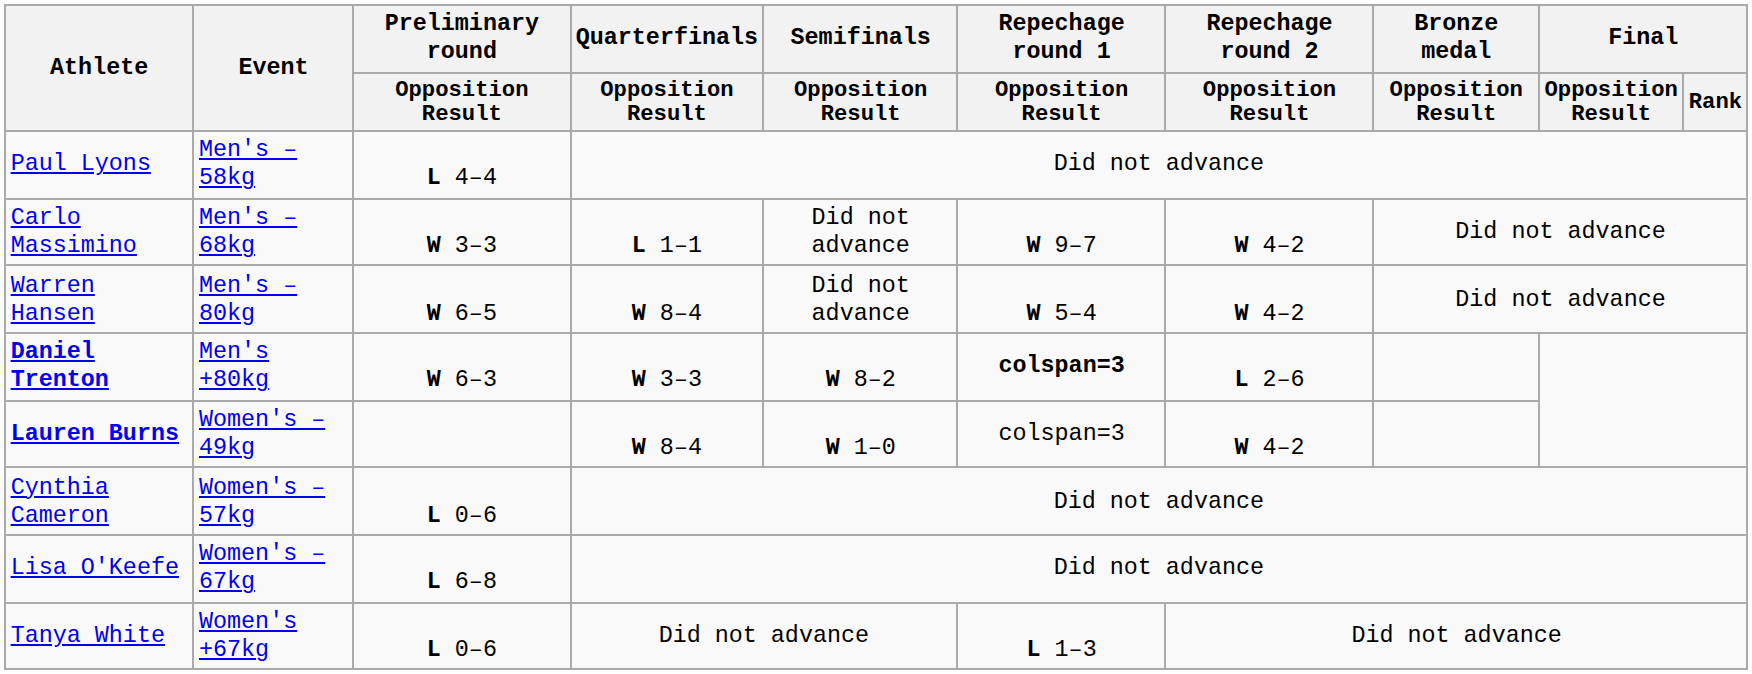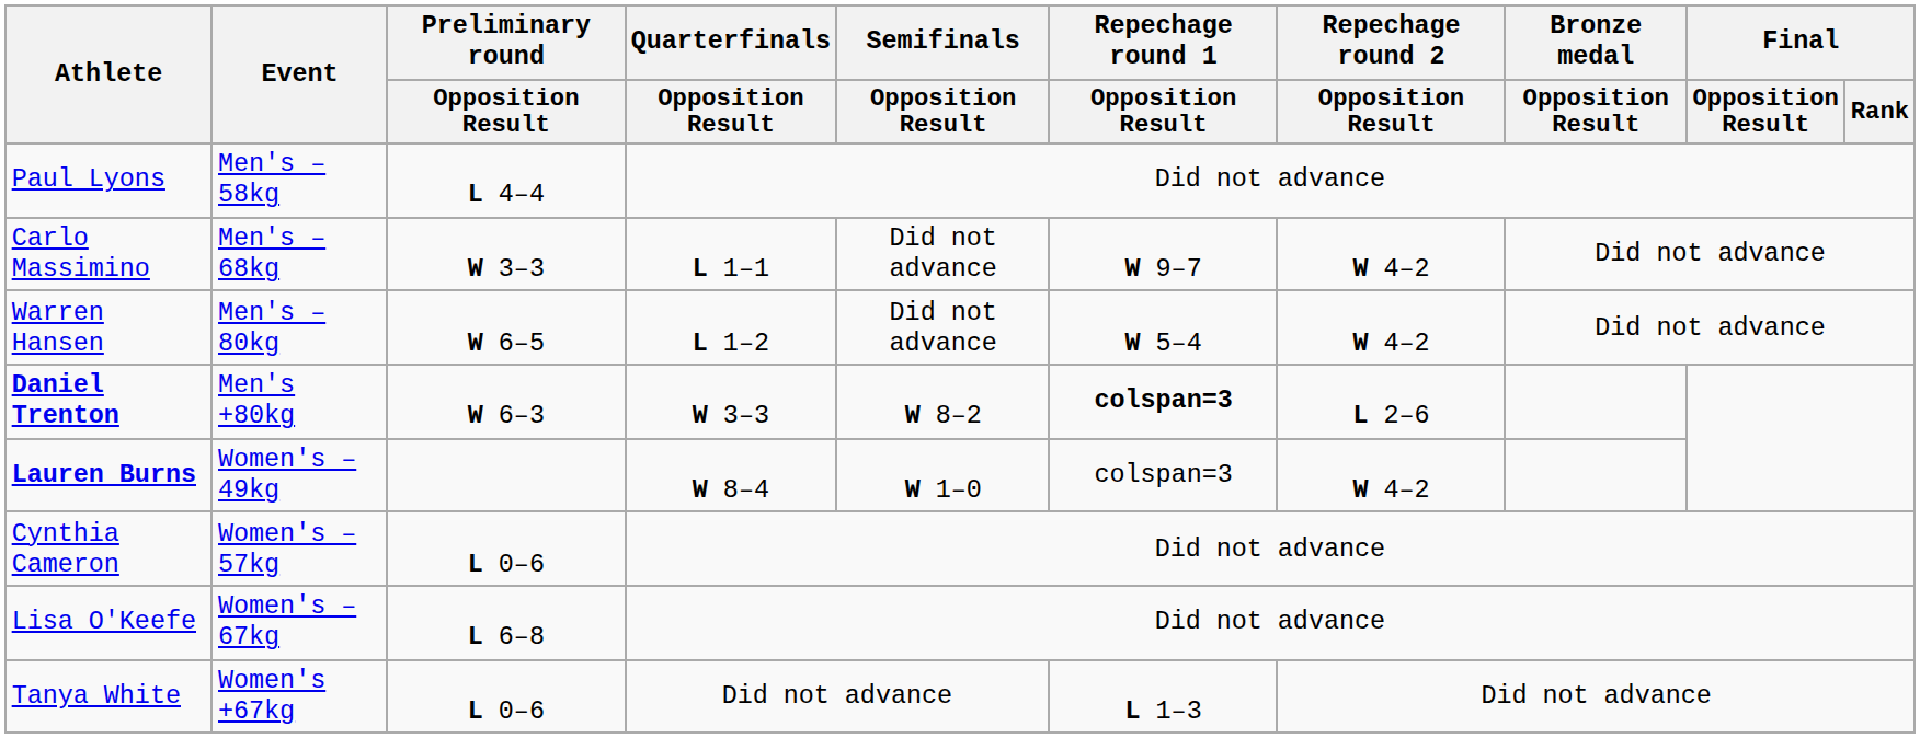 <table class="wikitable" style="font-size:90%">
 <tr>
 <th rowspan=2>Athlete</th>
 <th rowspan=2>Event</th>
 <th>Preliminary round</th>
 <th>Quarterfinals</th>
 <th>Semifinals</th>
 <th>Repechage round 1</th>
 <th>Repechage round 2</th>
 <th>Bronze medal</th>
 <th colspan=2>Final</th>
 </tr>
 <tr style="font-size:95%">
 <th>Opposition<br>Result</th>
 <th>Opposition<br>Result</th>
 <th>Opposition<br>Result</th>
 <th>Opposition<br>Result</th>
 <th>Opposition<br>Result</th>
 <th>Opposition<br>Result</th>
 <th>Opposition<br>Result</th>
 <th>Rank</th>
 </tr>
 <tr align=center>
 <td align=left><a href='#'>Paul Lyons</a></td>
 <td align=left><a href='#'>Men's –58kg</a></td>
 <td><br><strong>L</strong> 4–4 </td>
 <td colspan=7>Did not advance</td>
 </tr>
 <tr align=center>
 <td align=left><a href='#'>Carlo Massimino</a></td>
 <td align=left><a href='#'>Men's –68kg</a></td>
 <td><br><strong>W</strong> 3–3 </td>
 <td><br><strong>L</strong> 1–1 </td>
 <td>Did not advance</td>
 <td><br> <strong>W</strong> 9–7</td>
 <td><br><strong>W</strong> 4–2</td>
 <td colspan=3>Did not advance</td>
 </tr>
 <tr align=center>
 <td align=left><a href='#'>Warren Hansen</a></td>
 <td align=left><a href='#'>Men's –80kg</a></td>
 <td><br><strong>W</strong> 6–5</td>
-<td><br><strong>W</strong> 8–4</td>
+<td><br><strong>L</strong> 1–2</td>
 <td>Did not advance</td>
 <td><br><strong>W</strong> 5–4</td>
 <td><br><strong>W</strong> 4–2</td>
 <td colspan=3>Did not advance</td>
 </tr>
 <tr ALIGN=CENTER>
 <td align=left><strong><a href='#'>Daniel Trenton</a></strong></td>
 <td align=left><a href='#'>Men's +80kg</a></td>
 <td><br><strong>W</strong> 6–3</td>
 <td><br><strong>W</strong> 3–3 </td>
 <td><br><strong>W</strong> 8–2</td>
 <td><strong>colspan=3 </strong></td>
 <td><br><strong>L</strong> 2–6</td>
 <td></td>
 </tr>
 <tr align=center>
 <td align=left><strong><a href='#'>Lauren Burns</a></strong></td>
 <td align=left><a href='#'>Women's –49kg</a></td>
 <td></td>
 <td><br><strong>W</strong> 8–4</td>
 <td><br><strong>W</strong> 1–0</td>
 <td>colspan=3 </td>
 <td><br><strong>W</strong> 4–2</td>
 <td></td>
 </tr>
 <tr align=center>
 <td align=left><a href='#'>Cynthia Cameron</a></td>
 <td align=left><a href='#'>Women's –57kg</a></td>
 <td><br><strong>L</strong> 0–6</td>
 <td colspan=7>Did not advance</td>
 </tr>
 <tr ALIGN=CENTER>
 <td align=left><a href='#'>Lisa O'Keefe</a></td>
 <td align=left><a href='#'>Women's –67kg</a></td>
 <td><br><strong>L</strong> 6–8</td>
 <td colspan=7>Did not advance</td>
 </tr>
 <tr ALIGN=CENTER>
 <td align=left><a href='#'>Tanya White</a></td>
 <td align=left><a href='#'>Women's +67kg</a></td>
 <td><br><strong>L</strong> 0–6</td>
 <td colspan=2>Did not advance</td>
 <td><br><strong>L</strong> 1–3</td>
 <td colspan=4>Did not advance</td>
 </tr>
 </table>
